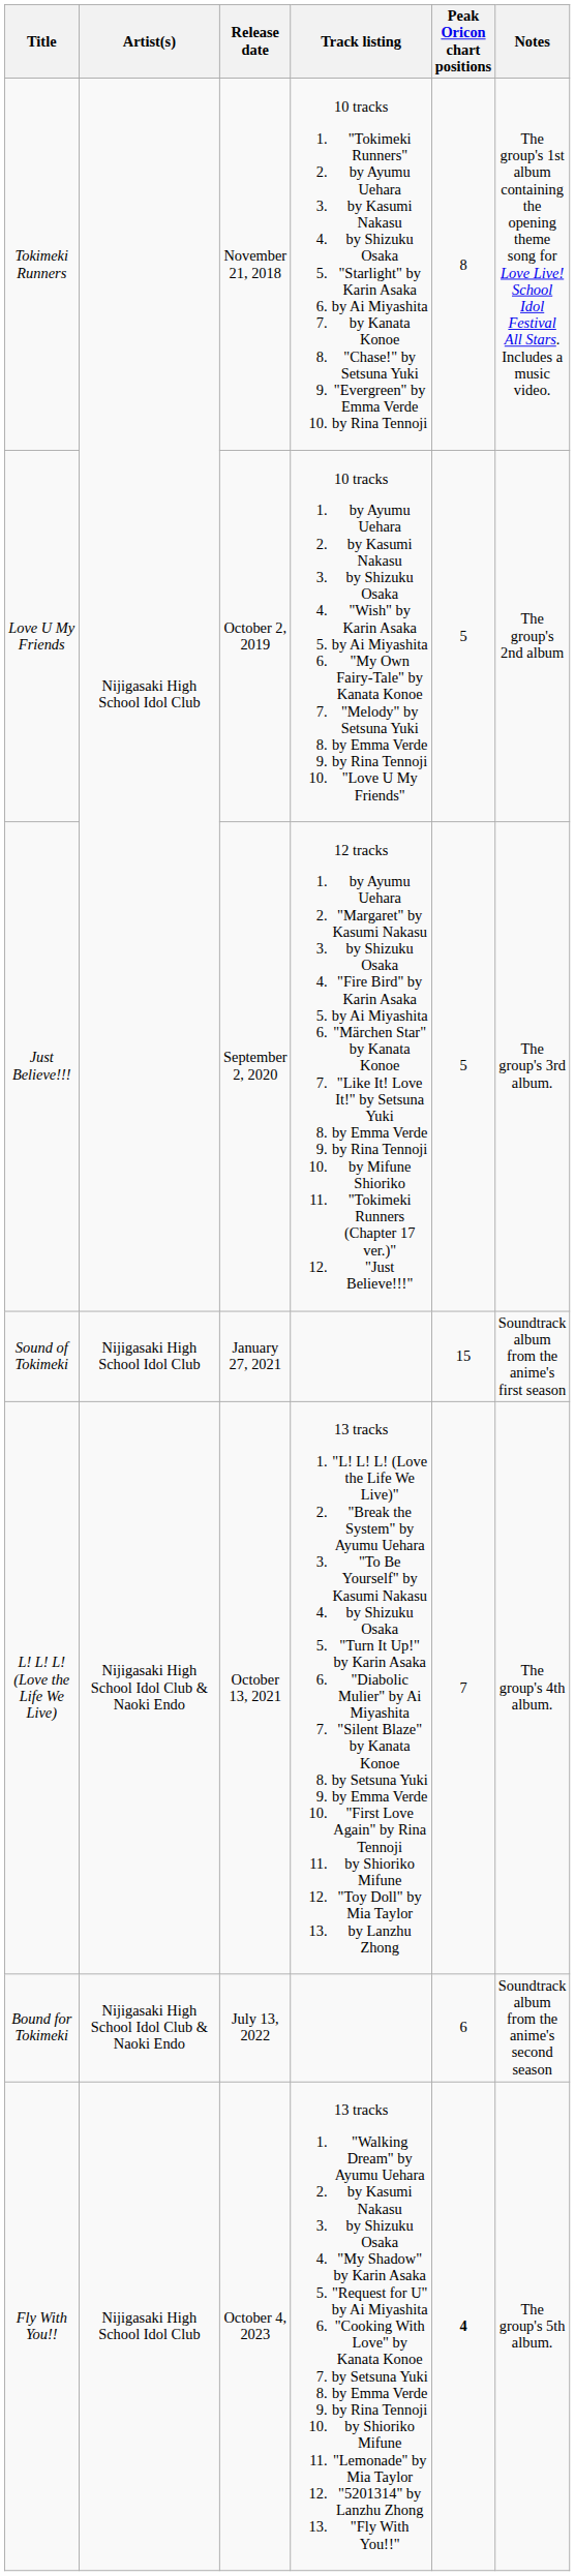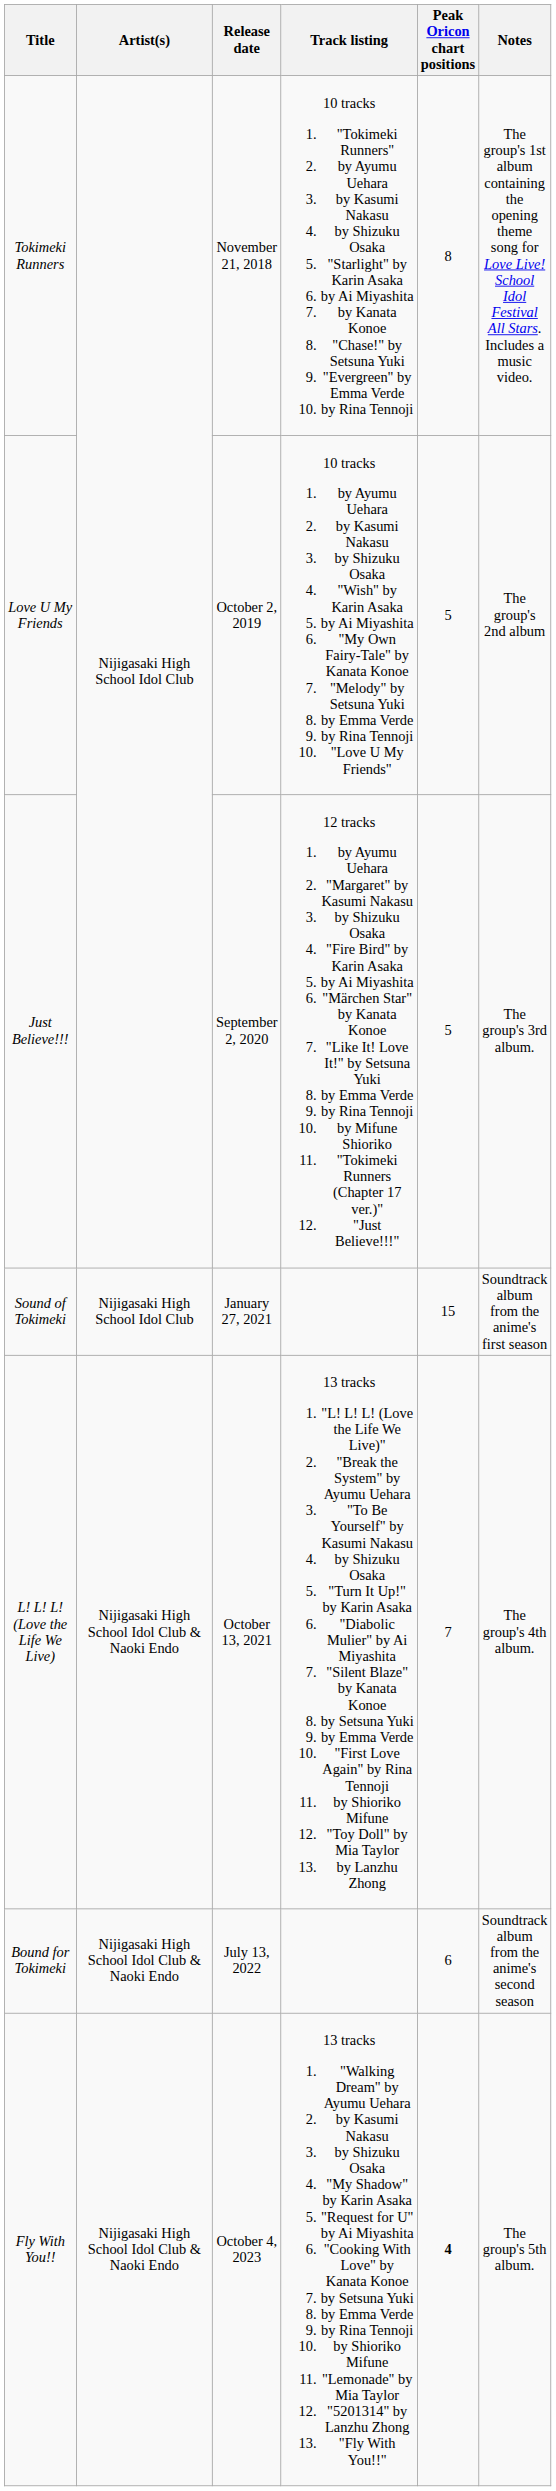 <table class="wikitable" style="text-align:center;">
 <tr>
 <th scope="col" rowspan="1">Title</th>
 <th scope="col" rowspan="1" width="25%">Artist(s)</th>
 <th scope="col" colspan="1" width="10%">Release date</th>
 <th scope="col" colspan="1" width="25%">Track listing</th>
 <th scope="col" rowspan="1" width="8%">Peak <a href='#'>Oricon</a><br>chart positions<br></th>
 <th scope="col" rowspan="1" width="10%">Notes</th>
 </tr>
 <tr>
 <td><em>Tokimeki Runners</em></td>
 <td rowspan="3">Nijigasaki High School Idol Club</td>
 <td>November 21, 2018</td>
 <td style="width:17em"><br>10 tracks<ol><li>"Tokimeki Runners"</li><li> by Ayumu Uehara</li><li> by Kasumi Nakasu</li><li> by Shizuku Osaka</li><li>"Starlight" by Karin Asaka</li><li> by Ai Miyashita</li><li> by Kanata Konoe</li><li>"Chase!" by Setsuna Yuki</li><li>"Evergreen" by Emma Verde</li><li> by Rina Tennoji</li></ol></td>
 <td>8</td>
 <td>The group's 1st album containing the opening theme song for <em><a href='#'>Love Live! School Idol Festival All Stars</a></em>. Includes a music video.</td>
 </tr>
 <tr>
 <td><em>Love U My Friends</em></td>
 <td>October 2, 2019</td>
 <td style="width:17em"><br>10 tracks<ol><li> by Ayumu Uehara</li><li> by Kasumi Nakasu</li><li> by Shizuku Osaka</li><li>"Wish" by Karin Asaka</li><li> by Ai Miyashita</li><li>"My Own Fairy-Tale" by Kanata Konoe</li><li>"Melody" by Setsuna Yuki</li><li> by Emma Verde</li><li> by Rina Tennoji</li><li>"Love U My Friends"</li></ol></td>
 <td>5</td>
 <td>The group's 2nd album</td>
 </tr>
 <tr>
 <td><em>Just Believe!!!</em></td>
 <td>September 2, 2020</td>
 <td><br>12 tracks<ol><li> by Ayumu Uehara</li><li>"Margaret" by Kasumi Nakasu</li><li> by Shizuku Osaka</li><li>"Fire Bird" by Karin Asaka</li><li> by Ai Miyashita</li><li>"Märchen Star" by Kanata Konoe</li><li>"Like It! Love It!" by Setsuna Yuki</li><li> by Emma Verde</li><li> by Rina Tennoji</li><li> by Mifune Shioriko</li><li>"Tokimeki Runners (Chapter 17 ver.)"</li><li>"Just Believe!!!"</li></ol></td>
 <td>5</td>
 <td>The group's 3rd album.</td>
 </tr>
 <tr>
 <td><em>Sound of Tokimeki</em></td>
 <td>Nijigasaki High School Idol Club</td>
 <td>January 27, 2021</td>
 <td></td>
 <td>15</td>
 <td>Soundtrack album from the anime's first season</td>
 </tr>
 <tr>
 <td><em>L! L! L! (Love the Life We Live)</em></td>
 <td>Nijigasaki High School Idol Club & Naoki Endo</td>
 <td>October 13, 2021</td>
 <td><br>13 tracks<ol><li>"L! L! L! (Love the Life We Live)"</li><li>"Break the System" by Ayumu Uehara</li><li>"To Be Yourself" by Kasumi Nakasu</li><li> by Shizuku Osaka</li><li>"Turn It Up!" by Karin Asaka</li><li>"Diabolic Mulier" by Ai Miyashita</li><li>"Silent Blaze" by Kanata Konoe</li><li> by Setsuna Yuki</li><li> by Emma Verde</li><li>"First Love Again" by Rina Tennoji</li><li> by Shioriko Mifune</li><li>"Toy Doll" by Mia Taylor</li><li> by Lanzhu Zhong</li></ol></td>
 <td>7</td>
 <td>The group's 4th album.</td>
 </tr>
 <tr>
 <td><em>Bound for Tokimeki</em></td>
 <td>Nijigasaki High School Idol Club & Naoki Endo</td>
 <td>July 13, 2022</td>
 <td></td>
 <td>6</td>
 <td>Soundtrack album from the anime's second season</td>
 </tr>
 <tr>
 <td><em>Fly With You!!</em></td>
-<td>Nijigasaki High School Idol Club</td>
+<td>Nijigasaki High School Idol Club & Naoki Endo</td>
 <td>October 4, 2023</td>
 <td><br>13 tracks<ol><li>"Walking Dream" by Ayumu Uehara</li><li> by Kasumi Nakasu</li><li> by Shizuku Osaka</li><li>"My Shadow" by Karin Asaka</li><li>"Request for U" by Ai Miyashita</li><li>"Cooking With Love" by Kanata Konoe</li><li> by Setsuna Yuki</li><li> by Emma Verde</li><li> by Rina Tennoji</li><li> by Shioriko Mifune</li><li>"Lemonade" by Mia Taylor</li><li>"5201314" by Lanzhu Zhong</li><li>"Fly With You!!"</li></ol></td>
 <td><strong>4</strong></td>
 <td>The group's 5th album.</td>
 </tr>
 </table>
